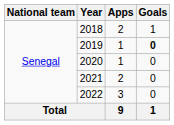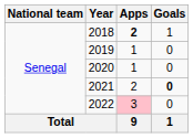 <table class="wikitable" style="text-align:center">
 <tr>
 <th>National team</th>
 <th>Year</th>
 <th>Apps</th>
 <th>Goals</th>
 </tr>
 <tr>
 <td rowspan="5"><a href='#'>Senegal</a></td>
 <td>2018</td>
-<td>2</td>
+<td><strong>2</strong></td>
 <td>1</td>
 </tr>
 <tr>
 <td>2019</td>
 <td>1</td>
-<td><strong>0</strong></td>
+<td>0</td>
 </tr>
 <tr>
 <td>2020</td>
 <td>1</td>
 <td>0</td>
 </tr>
 <tr>
 <td>2021</td>
 <td>2</td>
-<td>0</td>
+<td><strong>0</strong></td>
 </tr>
 <tr>
 <td>2022</td>
-<td>3</td>
+<td style="background: pink;">3</td>
 <td>0</td>
 </tr>
 <tr>
 <th colspan="2">Total</th>
 <th>9</th>
 <th>1</th>
 </tr>
 </table>
